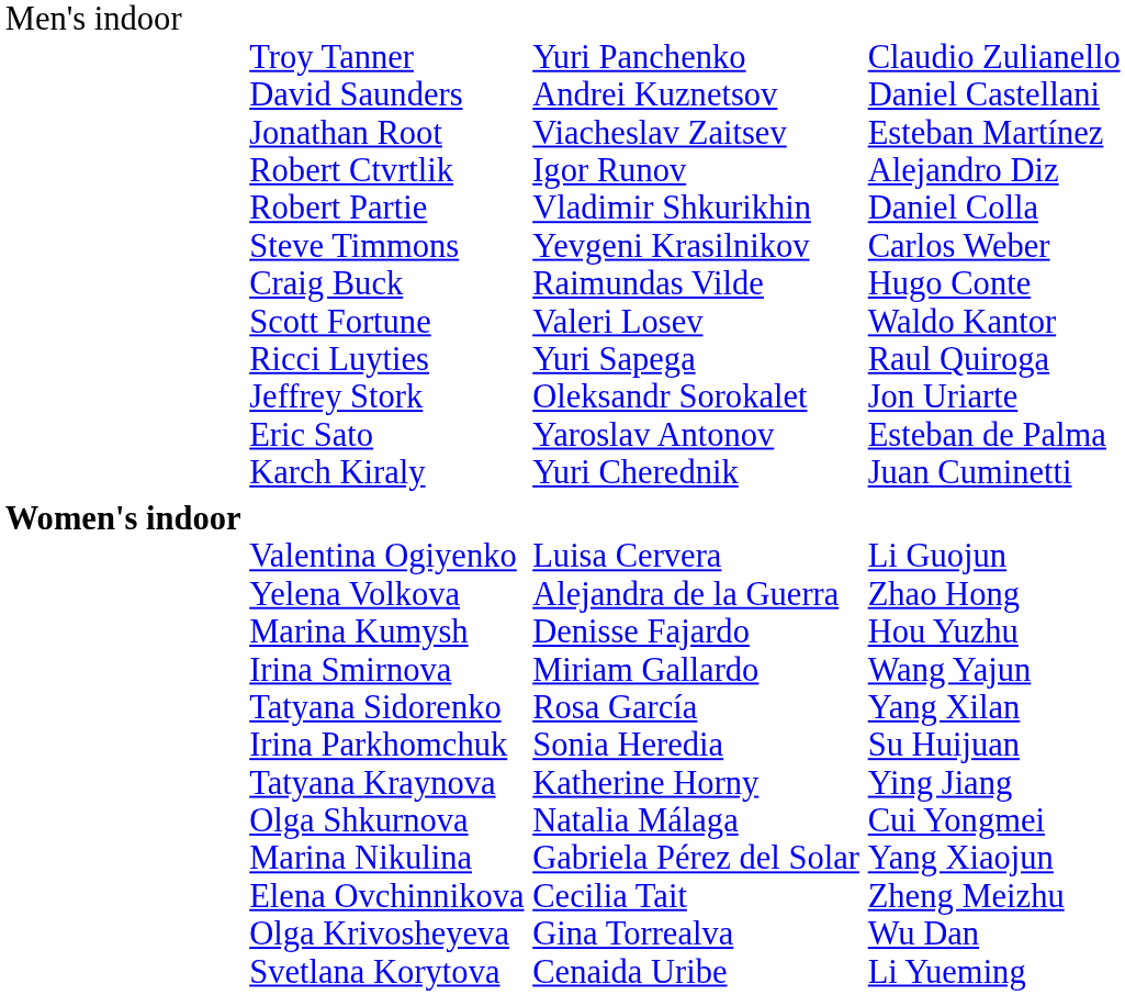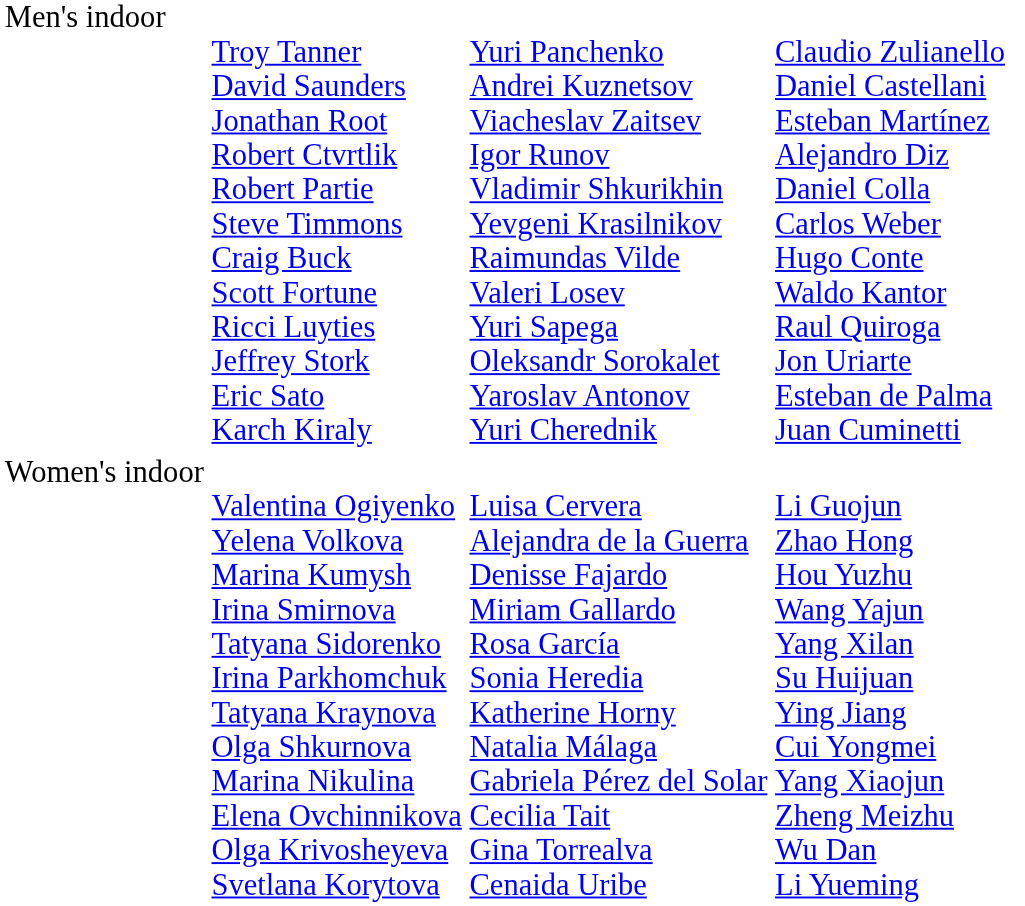 <table>
 <tr valign="top">
 <td>Men's indoor<br></td>
 <td valign=top><br><a href='#'>Troy Tanner</a><br><a href='#'>David Saunders</a><br><a href='#'>Jonathan Root</a><br><a href='#'>Robert Ctvrtlik</a><br><a href='#'>Robert Partie</a><br><a href='#'>Steve Timmons</a><br><a href='#'>Craig Buck</a><br><a href='#'>Scott Fortune</a><br><a href='#'>Ricci Luyties</a><br><a href='#'>Jeffrey Stork</a><br><a href='#'>Eric Sato</a><br><a href='#'>Karch Kiraly</a></td>
 <td valign=top><br><a href='#'>Yuri Panchenko</a><br><a href='#'>Andrei Kuznetsov</a><br><a href='#'>Viacheslav Zaitsev</a><br><a href='#'>Igor Runov</a><br><a href='#'>Vladimir Shkurikhin</a><br><a href='#'>Yevgeni Krasilnikov</a><br><a href='#'>Raimundas Vilde</a><br><a href='#'>Valeri Losev</a><br><a href='#'>Yuri Sapega</a><br><a href='#'>Oleksandr Sorokalet</a><br><a href='#'>Yaroslav Antonov</a><br><a href='#'>Yuri Cherednik</a></td>
 <td valign=top><br><a href='#'>Claudio Zulianello</a><br><a href='#'>Daniel Castellani</a><br><a href='#'>Esteban Martínez</a><br><a href='#'>Alejandro Diz</a><br><a href='#'>Daniel Colla</a><br><a href='#'>Carlos Weber</a><br><a href='#'>Hugo Conte</a><br><a href='#'>Waldo Kantor</a><br><a href='#'>Raul Quiroga</a><br><a href='#'>Jon Uriarte</a><br><a href='#'>Esteban de Palma</a><br><a href='#'>Juan Cuminetti</a></td>
 </tr>
 <tr valign="top">
-<td><strong>Women's indoor<br></strong></td>
+<td>Women's indoor<br></td>
 <td valign=top><br><a href='#'>Valentina Ogiyenko</a><br><a href='#'>Yelena Volkova</a><br><a href='#'>Marina Kumysh</a><br><a href='#'>Irina Smirnova</a><br><a href='#'>Tatyana Sidorenko</a><br><a href='#'>Irina Parkhomchuk</a><br><a href='#'>Tatyana Kraynova</a><br><a href='#'>Olga Shkurnova</a><br><a href='#'>Marina Nikulina</a><br><a href='#'>Elena Ovchinnikova</a><br><a href='#'>Olga Krivosheyeva</a><br><a href='#'>Svetlana Korytova</a></td>
 <td valign=top><br><a href='#'>Luisa Cervera</a><br><a href='#'>Alejandra de la Guerra</a><br><a href='#'>Denisse Fajardo</a><br><a href='#'>Miriam Gallardo</a><br><a href='#'>Rosa García</a><br><a href='#'>Sonia Heredia</a><br><a href='#'>Katherine Horny</a><br><a href='#'>Natalia Málaga</a><br><a href='#'>Gabriela Pérez del Solar</a><br><a href='#'>Cecilia Tait</a><br><a href='#'>Gina Torrealva</a><br><a href='#'>Cenaida Uribe</a></td>
 <td valign=top><br><a href='#'>Li Guojun</a><br><a href='#'>Zhao Hong</a><br><a href='#'>Hou Yuzhu</a><br><a href='#'>Wang Yajun</a><br><a href='#'>Yang Xilan</a><br><a href='#'>Su Huijuan</a><br><a href='#'>Ying Jiang</a><br><a href='#'>Cui Yongmei</a><br><a href='#'>Yang Xiaojun</a><br><a href='#'>Zheng Meizhu</a><br><a href='#'>Wu Dan</a><br><a href='#'>Li Yueming</a></td>
 </tr>
 </table>
